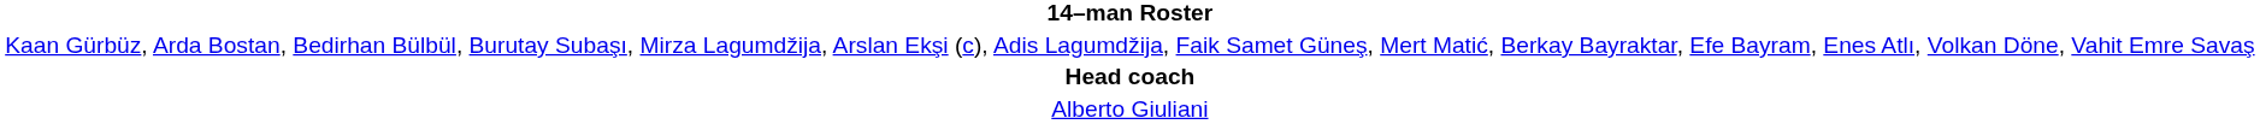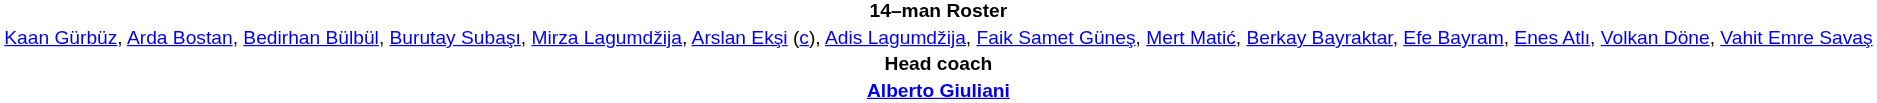 <table style="text-align:center; margin-top:2em; margin-left:auto; margin-right:auto">
 <tr>
 <td><strong>14–man Roster</strong></td>
 </tr>
 <tr>
 <td><a href='#'>Kaan Gürbüz</a>, <a href='#'>Arda Bostan</a>, <a href='#'>Bedirhan Bülbül</a>, <a href='#'>Burutay Subaşı</a>, <a href='#'>Mirza Lagumdžija</a>, <a href='#'>Arslan Ekşi</a> (<a href='#'>c</a>), <a href='#'>Adis Lagumdžija</a>, <a href='#'>Faik Samet Güneş</a>, <a href='#'>Mert Matić</a>, <a href='#'>Berkay Bayraktar</a>, <a href='#'>Efe Bayram</a>, <a href='#'>Enes Atlı</a>, <a href='#'>Volkan Döne</a>, <a href='#'>Vahit Emre Savaş</a></td>
 </tr>
 <tr>
 <td><strong>Head coach</strong></td>
 </tr>
 <tr>
-<td> <a href='#'>Alberto Giuliani</a></td>
+<td><strong> <a href='#'>Alberto Giuliani</a></strong></td>
 </tr>
 </table>
